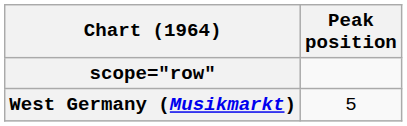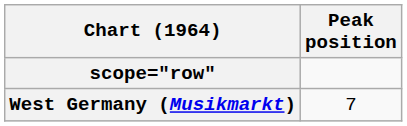 <table class="wikitable plainrowheaders sortable">
 <tr>
 <th scope="col">Chart (1964)</th>
 <th scope="col">Peak<br>position</th>
 </tr>
 <tr>
 <th>scope="row" </th>
 </tr>
 <tr>
 <th scope="row">West Germany (<em><a href='#'>Musikmarkt</a></em>)</th>
-<td align="center">5</td>
+<td align="center">7</td>
 </tr>
 </table>
